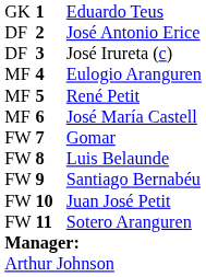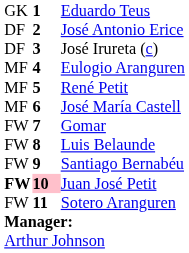 <table cellspacing="0" cellpadding="0" style="font-size:90%; margin:0.2em auto;">
 <tr>
 <th width="25"></th>
 <th width="25"></th>
 </tr>
 <tr>
 <td>GK</td>
 <td><strong>1</strong></td>
 <td> <a href='#'>Eduardo Teus</a></td>
 </tr>
 <tr>
 <td>DF</td>
 <td><strong>2</strong></td>
 <td> <a href='#'>José Antonio Erice</a></td>
 </tr>
 <tr>
 <td>DF</td>
 <td><strong>3</strong></td>
 <td> José Irureta (<a href='#'>c</a>)</td>
 </tr>
 <tr>
 <td>MF</td>
 <td><strong>4</strong></td>
 <td> <a href='#'>Eulogio Aranguren</a></td>
 </tr>
 <tr>
 <td>MF</td>
 <td><strong>5</strong></td>
 <td> <a href='#'>René Petit</a></td>
 </tr>
 <tr>
 <td>MF</td>
 <td><strong>6</strong></td>
 <td> <a href='#'>José María Castell</a></td>
 </tr>
 <tr>
 <td>FW</td>
 <td><strong>7</strong></td>
 <td> <a href='#'>Gomar</a></td>
 </tr>
 <tr>
 <td>FW</td>
 <td><strong>8</strong></td>
 <td> <a href='#'>Luis Belaunde</a></td>
 </tr>
 <tr>
 <td>FW</td>
 <td><strong>9</strong></td>
 <td> <a href='#'>Santiago Bernabéu</a></td>
 </tr>
 <tr>
-<td>FW</td>
-<td><strong>10</strong></td>
+<td><strong>FW</strong></td>
+<td style="background: pink;"><strong>10</strong></td>
 <td> <a href='#'>Juan José Petit</a></td>
 </tr>
 <tr>
 <td>FW</td>
 <td><strong>11</strong></td>
 <td> <a href='#'>Sotero Aranguren</a></td>
 </tr>
 <tr>
 <td colspan=3><strong>Manager:</strong></td>
 </tr>
 <tr>
 <td colspan=4> <a href='#'>Arthur Johnson</a></td>
 </tr>
 </table>
